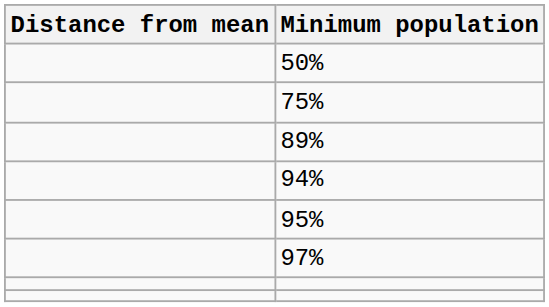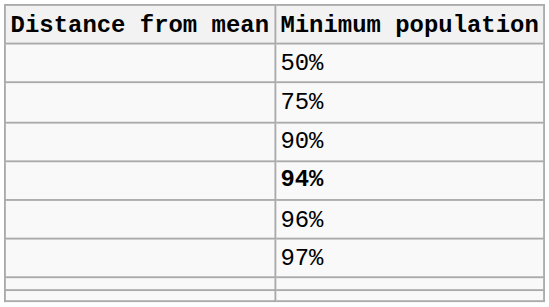 <table class="wikitable">
 <tr>
 <th>Distance from mean</th>
 <th>Minimum population</th>
 </tr>
 <tr>
 <td></td>
 <td>50%</td>
 </tr>
 <tr>
 <td></td>
 <td>75%</td>
 </tr>
 <tr>
 <td></td>
-<td>89%</td>
+<td>90%</td>
 </tr>
 <tr>
 <td></td>
-<td>94%</td>
+<td><strong>94%</strong></td>
 </tr>
 <tr>
 <td></td>
-<td>95%</td>
+<td>96%</td>
 </tr>
 <tr>
 <td></td>
 <td>97%</td>
 </tr>
 <tr>
 <td></td>
 <td></td>
 </tr>
 <tr>
 <td></td>
 <td></td>
 </tr>
 </table>
